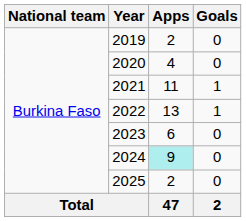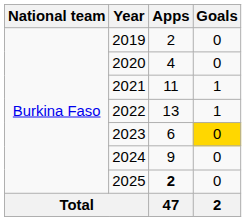 <table class="wikitable" style="text-align: center;">
 <tr>
 <th>National team</th>
 <th>Year</th>
 <th>Apps</th>
 <th>Goals</th>
 </tr>
 <tr>
 <td rowspan="7"><a href='#'>Burkina Faso</a></td>
 <td>2019</td>
 <td>2</td>
 <td>0</td>
 </tr>
 <tr>
 <td>2020</td>
 <td>4</td>
 <td>0</td>
 </tr>
 <tr>
 <td>2021</td>
 <td>11</td>
 <td>1</td>
 </tr>
 <tr>
 <td>2022</td>
 <td>13</td>
 <td>1</td>
 </tr>
 <tr>
 <td>2023</td>
 <td>6</td>
-<td>0</td>
+<td style="background: gold;">0</td>
 </tr>
 <tr>
 <td>2024</td>
-<td style="background: paleturquoise;">9</td>
+<td>9</td>
 <td>0</td>
 </tr>
 <tr>
 <td>2025</td>
-<td>2</td>
+<td><strong>2</strong></td>
 <td>0</td>
 </tr>
 <tr>
 <th colspan="2">Total</th>
 <th>47</th>
 <th>2</th>
 </tr>
 </table>
